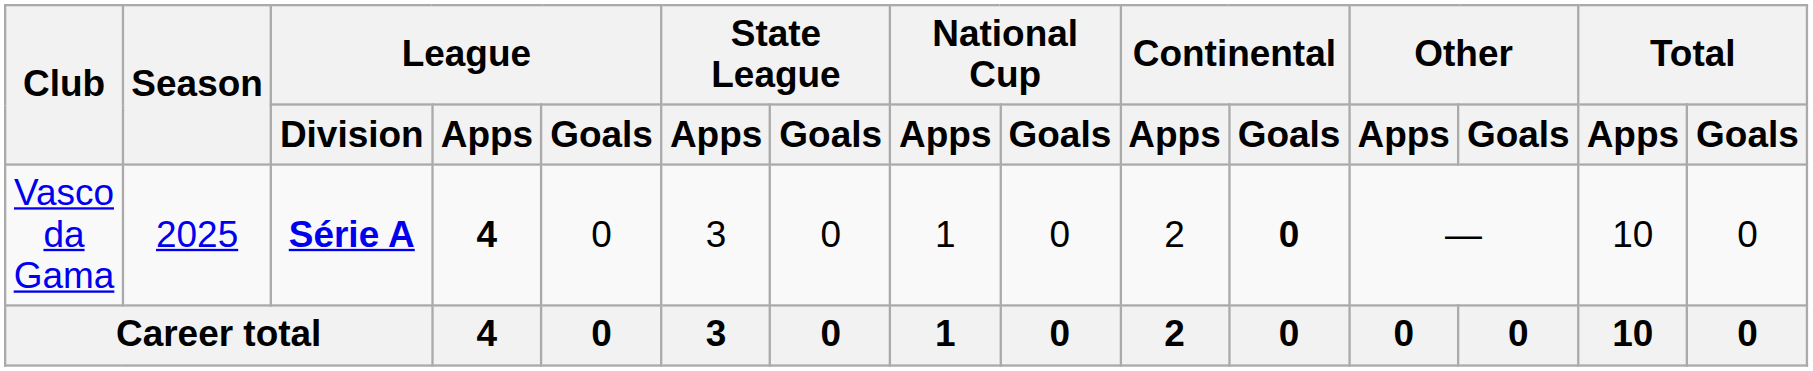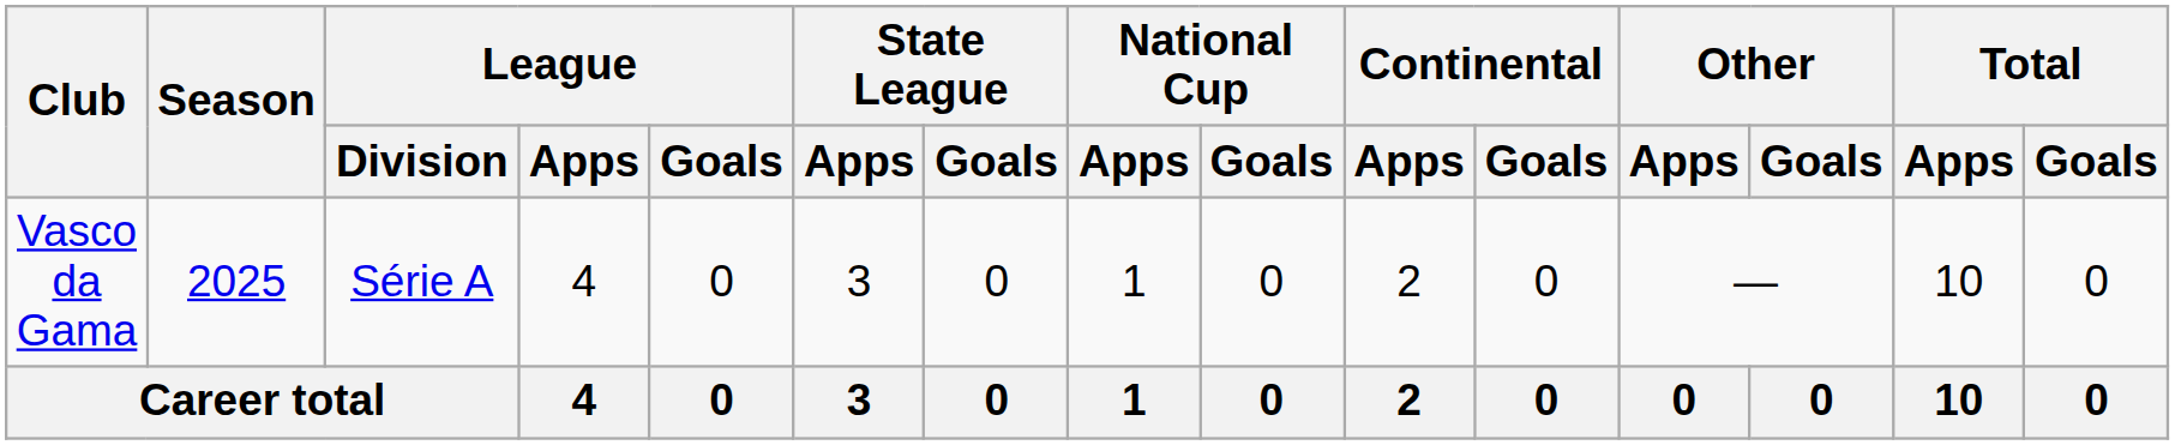 <table class="wikitable" style="text-align:center">
 <tr>
 <th rowspan="2">Club</th>
 <th rowspan="2">Season</th>
 <th colspan="3">League</th>
 <th colspan="2">State League</th>
 <th colspan="2">National Cup</th>
 <th colspan="2">Continental</th>
 <th colspan="2">Other</th>
 <th colspan="2">Total</th>
 </tr>
 <tr>
 <th>Division</th>
 <th>Apps</th>
 <th>Goals</th>
 <th>Apps</th>
 <th>Goals</th>
 <th>Apps</th>
 <th>Goals</th>
 <th>Apps</th>
 <th>Goals</th>
 <th>Apps</th>
 <th>Goals</th>
 <th>Apps</th>
 <th>Goals</th>
 </tr>
 <tr>
 <td><a href='#'>Vasco da Gama</a></td>
 <td><a href='#'>2025</a></td>
-<td><strong><a href='#'>Série A</a></strong></td>
-<td><strong>4</strong></td>
+<td><a href='#'>Série A</a></td>
+<td>4</td>
 <td>0</td>
 <td>3</td>
 <td>0</td>
 <td>1</td>
 <td>0</td>
 <td>2</td>
-<td><strong>0</strong></td>
+<td>0</td>
 <td colspan="2">—</td>
 <td>10</td>
 <td>0</td>
 </tr>
 <tr>
 <th colspan="3">Career total</th>
 <th>4</th>
 <th>0</th>
 <th>3</th>
 <th>0</th>
 <th>1</th>
 <th>0</th>
 <th>2</th>
 <th>0</th>
 <th>0</th>
 <th>0</th>
 <th>10</th>
 <th>0</th>
 </tr>
 </table>
